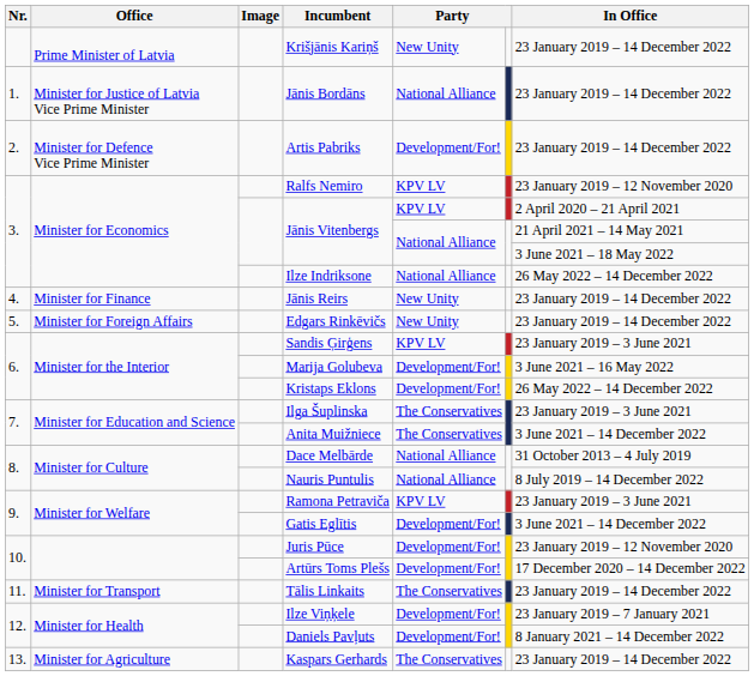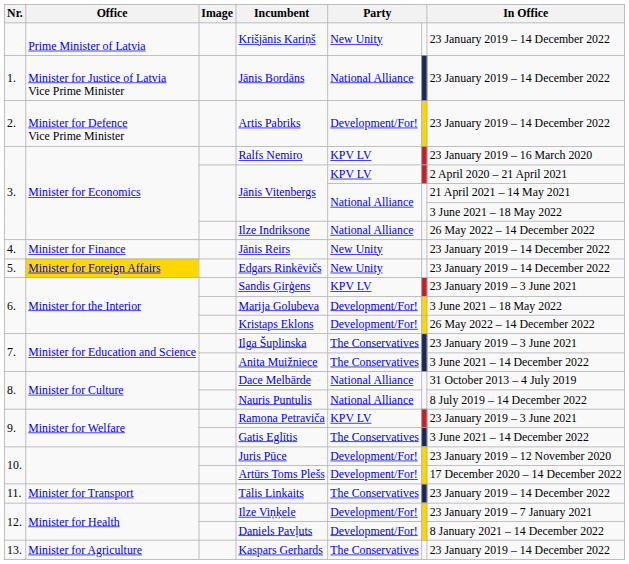 <table class="wikitable">
 <tr>
 <th>Nr.</th>
 <th>Office</th>
 <th>Image</th>
 <th>Incumbent</th>
 <th colspan="2">Party</th>
 <th>In Office</th>
 </tr>
 <tr>
 <td></td>
 <td><br><a href='#'>Prime Minister of Latvia</a></td>
 <td></td>
 <td><a href='#'>Krišjānis Kariņš</a></td>
 <td><a href='#'>New Unity</a></td>
 <td style="background-color: "></td>
 <td>23 January 2019 – 14 December 2022</td>
 </tr>
 <tr>
 <td>1.</td>
 <td><br><a href='#'>Minister for Justice of Latvia</a><br>Vice Prime Minister</td>
 <td></td>
 <td><a href='#'>Jānis Bordāns</a></td>
 <td><a href='#'>National Alliance</a></td>
 <td style="background-color: #192956"></td>
 <td>23 January 2019 – 14 December 2022</td>
 </tr>
 <tr>
 <td>2.</td>
 <td><br><a href='#'>Minister for Defence</a><br>Vice Prime Minister</td>
 <td></td>
 <td><a href='#'>Artis Pabriks</a></td>
 <td><a href='#'>Development/For!</a></td>
 <td style="background-color: #FFD700"></td>
 <td>23 January 2019 – 14 December 2022</td>
 </tr>
 <tr>
 <td rowspan="5">3.</td>
 <td rowspan="5"><a href='#'>Minister for Economics</a></td>
 <td></td>
 <td><a href='#'>Ralfs Nemiro</a></td>
 <td><a href='#'>KPV LV</a></td>
 <td style="background-color:  #c42027"></td>
-<td>23 January 2019 – 12 November 2020</td>
+<td>23 January 2019 – 16 March 2020</td>
 </tr>
 <tr>
 <td rowspan="3"></td>
 <td rowspan="3"><a href='#'>Jānis Vitenbergs</a></td>
 <td><a href='#'>KPV LV</a></td>
 <td style="background-color:  #c42027"></td>
 <td>2 April 2020 – 21 April 2021</td>
 </tr>
 <tr>
 <td rowspan="2"><a href='#'>National Alliance</a></td>
 <td rowspan="2" style="background-color: "></td>
 <td>21 April 2021 – 14 May 2021</td>
 </tr>
 <tr>
 <td>3 June 2021 – 18 May 2022</td>
 </tr>
 <tr>
 <td></td>
 <td><a href='#'>Ilze Indriksone</a></td>
 <td><a href='#'>National Alliance</a></td>
 <td style="background-color: "></td>
 <td>26 May 2022 – 14 December 2022</td>
 </tr>
 <tr>
 <td>4.</td>
 <td><a href='#'>Minister for Finance</a></td>
 <td></td>
 <td><a href='#'>Jānis Reirs</a></td>
 <td><a href='#'>New Unity</a></td>
 <td style="background-color: "></td>
 <td>23 January 2019 – 14 December 2022</td>
 </tr>
 <tr>
 <td>5.</td>
-<td><a href='#'>Minister for Foreign Affairs</a></td>
+<td style="background: gold;"><a href='#'>Minister for Foreign Affairs</a></td>
 <td></td>
 <td><a href='#'>Edgars Rinkēvičs</a></td>
 <td><a href='#'>New Unity</a></td>
 <td style="background-color: "></td>
 <td>23 January 2019 – 14 December 2022</td>
 </tr>
 <tr>
 <td rowspan="3">6.</td>
 <td rowspan="3"><a href='#'>Minister for the Interior</a></td>
 <td></td>
 <td><a href='#'>Sandis Ģirģens</a></td>
 <td><a href='#'>KPV LV</a></td>
 <td style="background-color: #c42027"></td>
 <td>23 January 2019 – 3 June 2021</td>
 </tr>
 <tr>
 <td></td>
 <td><a href='#'>Marija Golubeva</a></td>
 <td><a href='#'>Development/For!</a></td>
 <td style="background-color: #FFD700"></td>
-<td>3 June 2021 – 16 May 2022</td>
+<td>3 June 2021 – 18 May 2022</td>
 </tr>
 <tr>
 <td></td>
 <td><a href='#'>Kristaps Eklons</a></td>
 <td><a href='#'>Development/For!</a></td>
 <td style="background-color: #FFD700"></td>
 <td>26 May 2022 – 14 December 2022</td>
 </tr>
 <tr>
 <td rowspan="2">7.</td>
 <td rowspan="2"><a href='#'>Minister for Education and Science</a></td>
 <td></td>
 <td><a href='#'>Ilga Šuplinska</a></td>
 <td><a href='#'>The Conservatives</a></td>
 <td rowspan="2" style="background-color: #192956"></td>
 <td>23 January 2019 – 3 June 2021</td>
 </tr>
 <tr>
 <td></td>
 <td><a href='#'>Anita Muižniece</a></td>
 <td><a href='#'>The Conservatives</a></td>
 <td>3 June 2021 – 14 December 2022</td>
 </tr>
 <tr>
 <td rowspan="2">8.</td>
 <td rowspan=2><a href='#'>Minister for Culture</a></td>
 <td></td>
 <td><a href='#'>Dace Melbārde</a></td>
 <td><a href='#'>National Alliance</a></td>
 <td rowspan="2" style="background-color: "></td>
 <td>31 October 2013 – 4 July 2019</td>
 </tr>
 <tr>
 <td></td>
 <td><a href='#'>Nauris Puntulis</a></td>
 <td><a href='#'>National Alliance</a></td>
 <td>8 July 2019 – 14 December 2022</td>
 </tr>
 <tr>
 <td rowspan="2">9.</td>
 <td rowspan="2"><a href='#'>Minister for Welfare</a></td>
 <td></td>
 <td><a href='#'>Ramona Petraviča</a></td>
 <td><a href='#'>KPV LV</a></td>
 <td style="background-color: #c42027"></td>
 <td>23 January 2019 – 3 June 2021</td>
 </tr>
 <tr>
 <td></td>
 <td><a href='#'>Gatis Eglītis</a></td>
-<td><a href='#'>Development/For!</a></td>
+<td><a href='#'>The Conservatives</a></td>
 <td style="background-color: #192956"></td>
 <td>3 June 2021 – 14 December 2022</td>
 </tr>
 <tr>
 <td rowspan="2">10.</td>
 <td rowspan=2></td>
 <td></td>
 <td><a href='#'>Juris Pūce</a></td>
 <td><a href='#'>Development/For!</a></td>
 <td rowspan="2" style="background-color: #FFD700"></td>
 <td>23 January 2019 – 12 November 2020</td>
 </tr>
 <tr>
 <td></td>
 <td><a href='#'>Artūrs Toms Plešs</a></td>
 <td><a href='#'>Development/For!</a></td>
 <td>17 December 2020 – 14 December 2022</td>
 </tr>
 <tr>
 <td>11.</td>
 <td><a href='#'>Minister for Transport</a></td>
 <td></td>
 <td><a href='#'>Tālis Linkaits</a></td>
 <td><a href='#'>The Conservatives</a></td>
 <td style="background-color: #192956"></td>
 <td>23 January 2019 – 14 December 2022</td>
 </tr>
 <tr>
 <td rowspan="2">12.</td>
 <td rowspan="2"><a href='#'>Minister for Health</a></td>
 <td></td>
 <td><a href='#'>Ilze Viņķele</a></td>
 <td><a href='#'>Development/For!</a></td>
 <td rowspan="2" style="background-color: #FFD700"></td>
 <td>23 January 2019 – 7 January 2021</td>
 </tr>
 <tr>
 <td></td>
 <td><a href='#'>Daniels Pavļuts</a></td>
 <td><a href='#'>Development/For!</a></td>
 <td>8 January 2021 – 14 December 2022</td>
 </tr>
 <tr>
 <td>13.</td>
 <td><a href='#'>Minister for Agriculture</a></td>
 <td></td>
 <td><a href='#'>Kaspars Gerhards</a></td>
 <td><a href='#'>The Conservatives</a></td>
 <td style="background-color: "></td>
 <td>23 January 2019 – 14 December 2022</td>
 </tr>
 </table>
